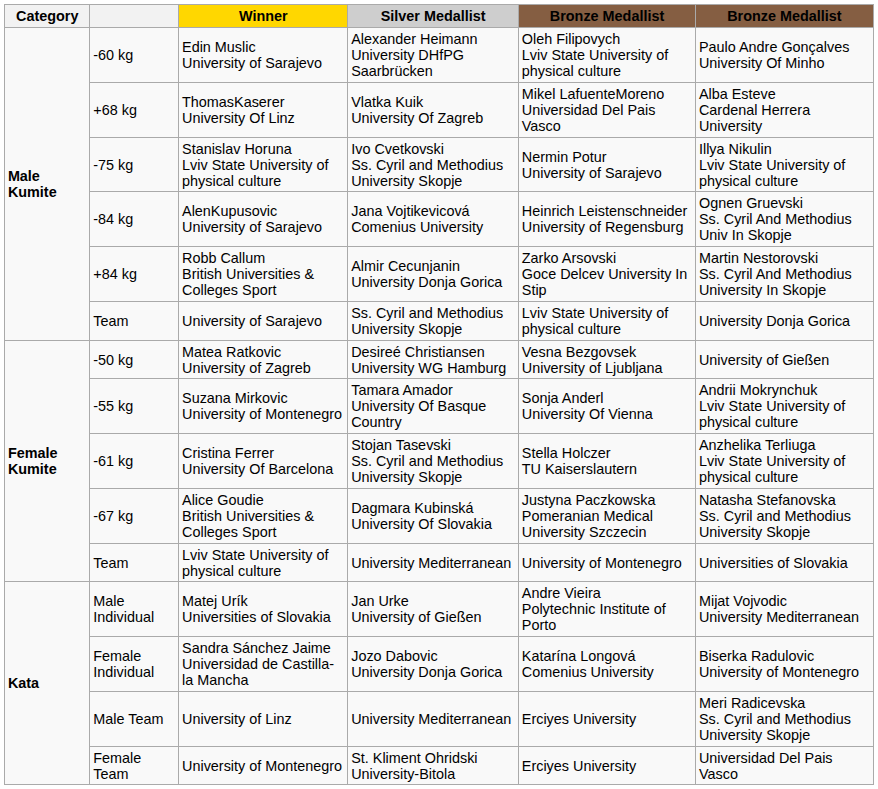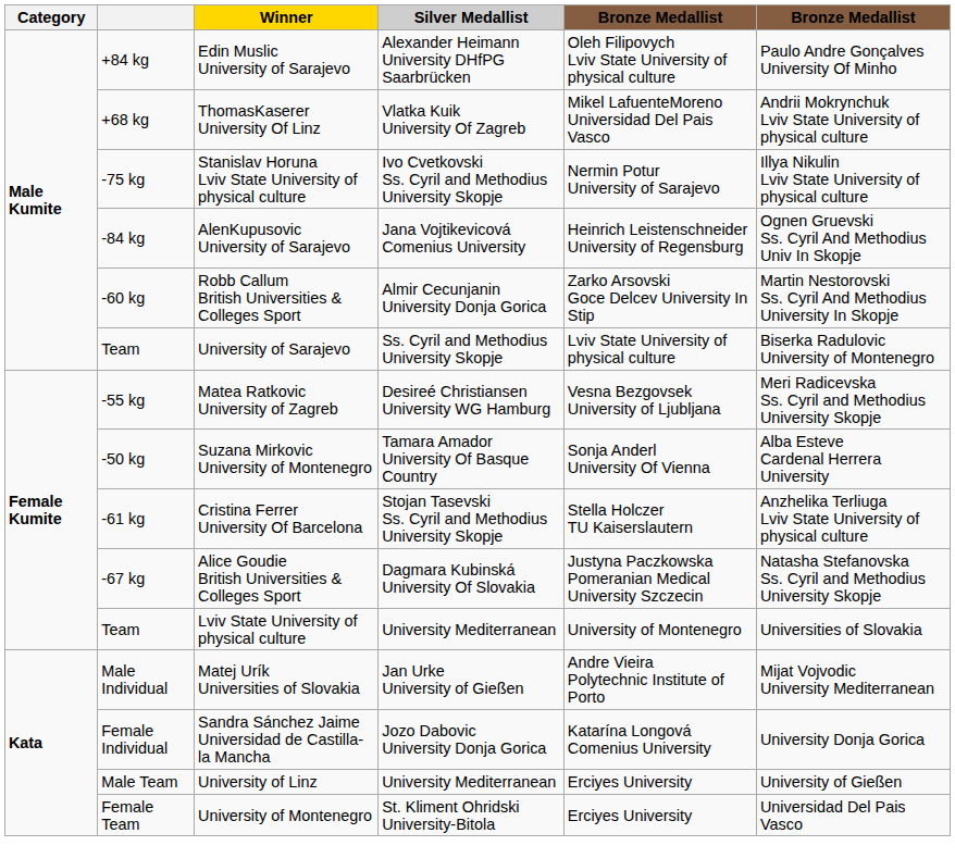 <table class=wikitable style="font-size:90%;">
 <tr>
 <th>Category</th>
 <th></th>
 <th style="background:#FFD700;">Winner</th>
 <th style="background:#CECECE;">Silver Medallist</th>
 <th style="background:#855E42;">Bronze Medallist</th>
 <th style="background:#855E42;">Bronze Medallist</th>
 </tr>
 <tr>
 <td rowspan=6><strong>Male Kumite</strong></td>
-<td>-60 kg</td>
+<td>+84 kg</td>
 <td>Edin Muslic  <br>  University of Sarajevo<br> </td>
 <td>Alexander Heimann  <br>  University DHfPG Saarbrücken <br> </td>
 <td>Oleh Filipovych<br>    Lviv State University of physical culture <br> </td>
 <td>Paulo Andre Gonçalves <br>   University Of Minho <br> </td>
 </tr>
 <tr>
 <td>+68 kg</td>
 <td>ThomasKaserer  <br>  University Of Linz<br> </td>
 <td>Vlatka Kuik  <br>   University Of Zagreb  <br> </td>
 <td>Mikel LafuenteMoreno<br>    Universidad Del Pais Vasco  <br> </td>
-<td>Alba Esteve <br>   Cardenal Herrera University     <br> </td>
+<td>Andrii Mokrynchuk <br>   Lviv State University of physical culture <br> </td>
 </tr>
 <tr>
 <td>-75 kg</td>
 <td>Stanislav Horuna <br>   Lviv State University of physical culture <br> </td>
 <td>Ivo Cvetkovski   <br> Ss. Cyril and Methodius University Skopje<br> </td>
 <td>Nermin Potur  <br>  University of Sarajevo <br> </td>
 <td>Illya Nikulin  <br>  Lviv State University of physical culture <br> </td>
 </tr>
 <tr>
 <td>-84 kg</td>
 <td>AlenKupusovic <br>   University of Sarajevo<br> </td>
 <td>Jana Vojtikevicová <br> Comenius University<br> </td>
 <td>Heinrich Leistenschneider <br>   University of Regensburg <br> </td>
 <td>Ognen Gruevski  <br>  Ss. Cyril And Methodius Univ In Skopje  <br> </td>
 </tr>
 <tr>
-<td>+84 kg</td>
+<td>-60 kg</td>
 <td>Robb Callum  <br>  British Universities & Colleges Sport<br> </td>
 <td>Almir Cecunjanin <br>  University Donja Gorica <br> </td>
 <td>Zarko Arsovski  <br>  Goce Delcev University In Stip<br> </td>
 <td>Martin Nestorovski  <br>  Ss. Cyril And Methodius University In Skopje<br> </td>
 </tr>
 <tr>
 <td>Team</td>
 <td>University of Sarajevo<br> </td>
 <td>Ss. Cyril and Methodius University Skopje <br> </td>
 <td>Lviv State University of physical culture  <br> </td>
-<td>University Donja Gorica <br> </td>
+<td>Biserka Radulovic  <br> University of Montenegro  <br> </td>
 </tr>
 <tr>
 <td rowspan=5><strong>Female Kumite</strong></td>
-<td>-50 kg</td>
+<td>-55 kg</td>
 <td>Matea Ratkovic <br>   University of Zagreb<br> </td>
 <td>Desireé Christiansen    <br>University WG Hamburg<br> </td>
 <td>Vesna Bezgovsek  <br>  	University of Ljubljana <br> </td>
-<td>University of Gießen <br> </td>
+<td>Meri Radicevska <br>  Ss. Cyril and Methodius University Skopje<br> </td>
 </tr>
 <tr>
-<td>-55 kg</td>
+<td>-50 kg</td>
 <td>Suzana Mirkovic  <br>  University of Montenegro<br> </td>
 <td>Tamara Amador  <br>  University Of Basque Country <br> </td>
 <td>Sonja Anderl<br>    University Of Vienna <br> </td>
-<td>Andrii Mokrynchuk <br>   Lviv State University of physical culture <br> </td>
+<td>Alba Esteve <br>   Cardenal Herrera University     <br> </td>
 </tr>
 <tr>
 <td>-61 kg</td>
 <td>Cristina Ferrer <br>   University Of Barcelona <br> </td>
 <td>Stojan Tasevski <br>  Ss. Cyril and Methodius University Skopje <br> </td>
 <td>Stella Holczer   <br> TU Kaiserslautern<br> </td>
 <td>Anzhelika Terliuga   <br> Lviv State University of physical culture <br> </td>
 </tr>
 <tr>
 <td>-67 kg</td>
 <td>Alice Goudie <br>   British Universities & Colleges Sport<br> </td>
 <td>Dagmara Kubinská <br>   University Of Slovakia <br> </td>
 <td>Justyna Paczkowska <br>  Pomeranian Medical University Szczecin <br> </td>
 <td>Natasha Stefanovska  <br>  Ss. Cyril and Methodius University Skopje<br> </td>
 </tr>
 <tr>
 <td>Team</td>
 <td>Lviv State University of physical culture<br> </td>
 <td>University Mediterranean  <br> </td>
 <td>University of Montenegro <br> </td>
 <td>Universities of Slovakia <br> </td>
 </tr>
 <tr>
 <td rowspan=4><strong>Kata</strong></td>
 <td>Male Individual</td>
 <td>Matej Urík  <br>  Universities of Slovakia<br> </td>
 <td>Jan Urke <br>   University of Gießen <br> </td>
 <td>Andre Vieira <br>   Polytechnic Institute of Porto  <br> </td>
 <td>Mijat Vojvodic<br>   University Mediterranean <br> </td>
 </tr>
 <tr>
 <td>Female Individual</td>
 <td>Sandra Sánchez Jaime  <br>  Universidad de Castilla-la Mancha<br> </td>
 <td>Jozo Dabovic  <br>  University Donja Gorica<br> </td>
 <td>Katarína Longová<br> Comenius University<br> </td>
-<td>Biserka Radulovic  <br> University of Montenegro  <br> </td>
+<td>University Donja Gorica <br> </td>
 </tr>
 <tr>
 <td>Male Team</td>
 <td>University of Linz<br> </td>
 <td>University Mediterranean<br> </td>
 <td>Erciyes University <br> </td>
-<td>Meri Radicevska <br>  Ss. Cyril and Methodius University Skopje<br> </td>
+<td>University of Gießen <br> </td>
 </tr>
 <tr>
 <td>Female Team</td>
 <td>University of Montenegro<br> </td>
 <td>St. Kliment Ohridski University-Bitola <br> </td>
 <td>Erciyes University <br> </td>
 <td>Universidad Del Pais Vasco<br> </td>
 </tr>
 </table>
